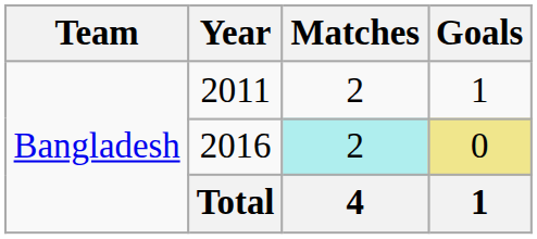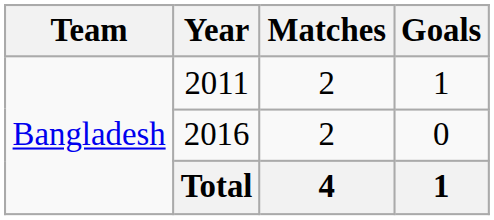 <table class="wikitable" style="text-align: center">
 <tr>
 <th>Team</th>
 <th>Year</th>
 <th>Matches</th>
 <th>Goals</th>
 </tr>
 <tr>
 <td rowspan=3><a href='#'>Bangladesh</a></td>
 <td>2011</td>
 <td>2</td>
 <td>1</td>
 </tr>
 <tr>
 <td>2016</td>
-<td style="background: paleturquoise;">2</td>
-<td style="background: khaki;">0</td>
+<td>2</td>
+<td>0</td>
 </tr>
 <tr>
 <th colspan=1>Total</th>
 <th>4</th>
 <th>1</th>
 </tr>
 </table>
